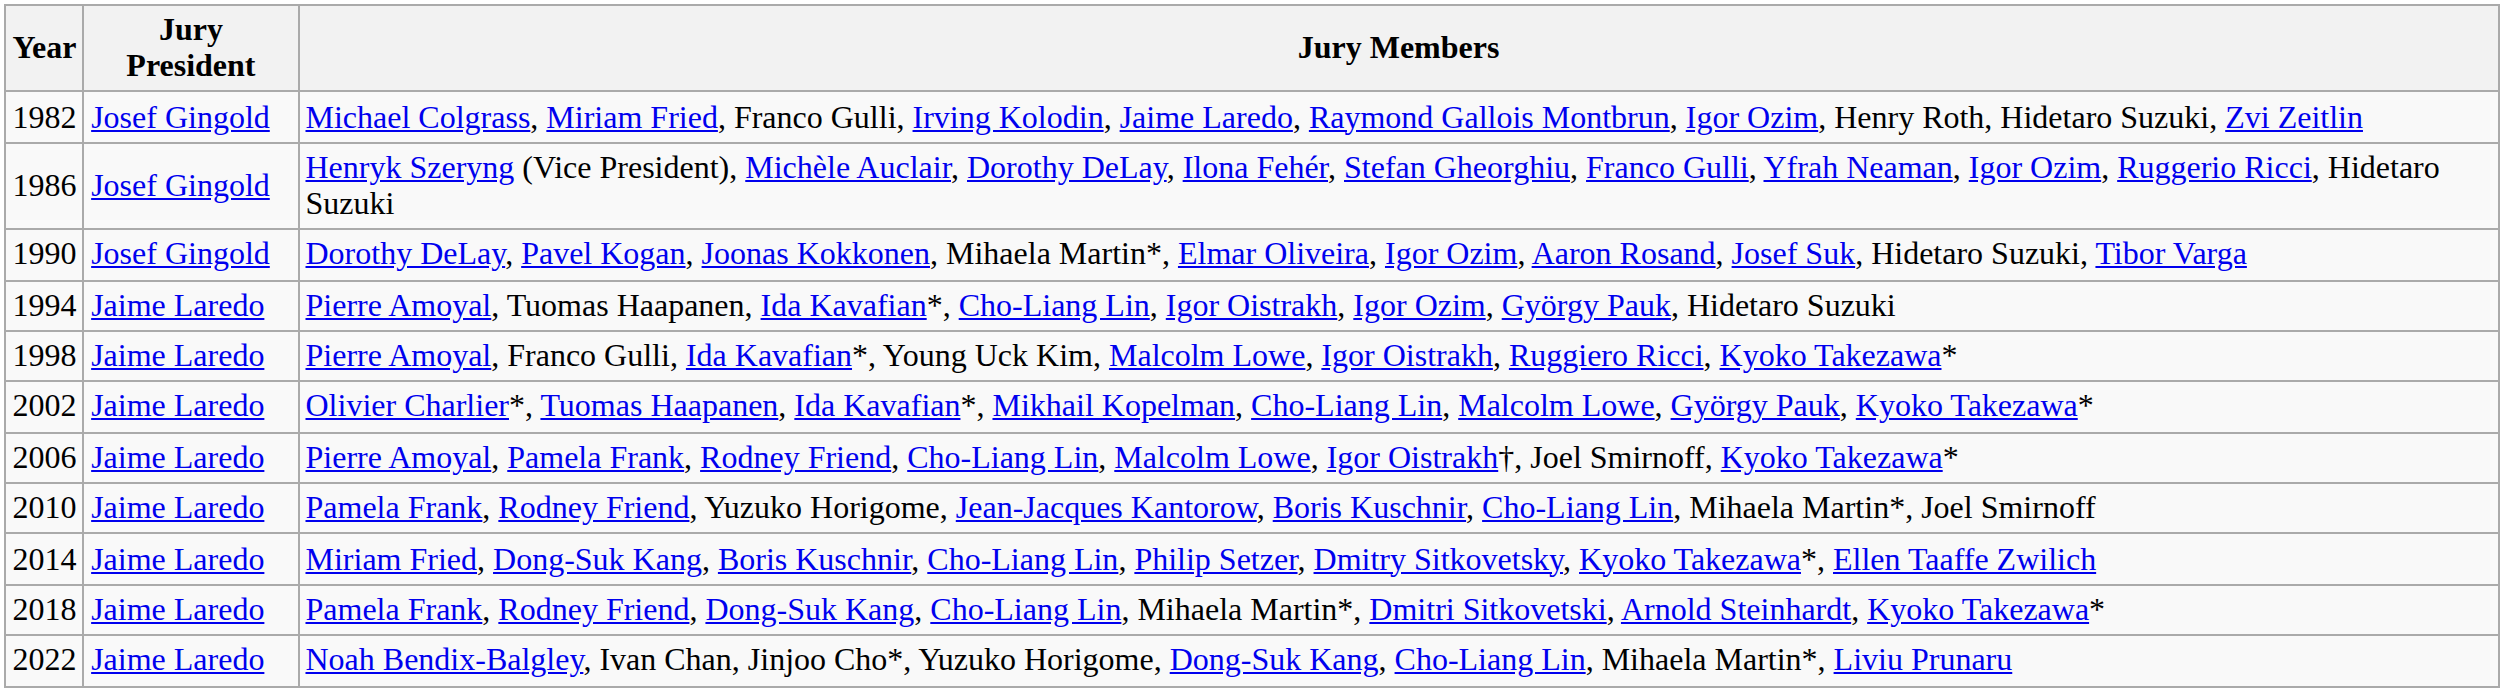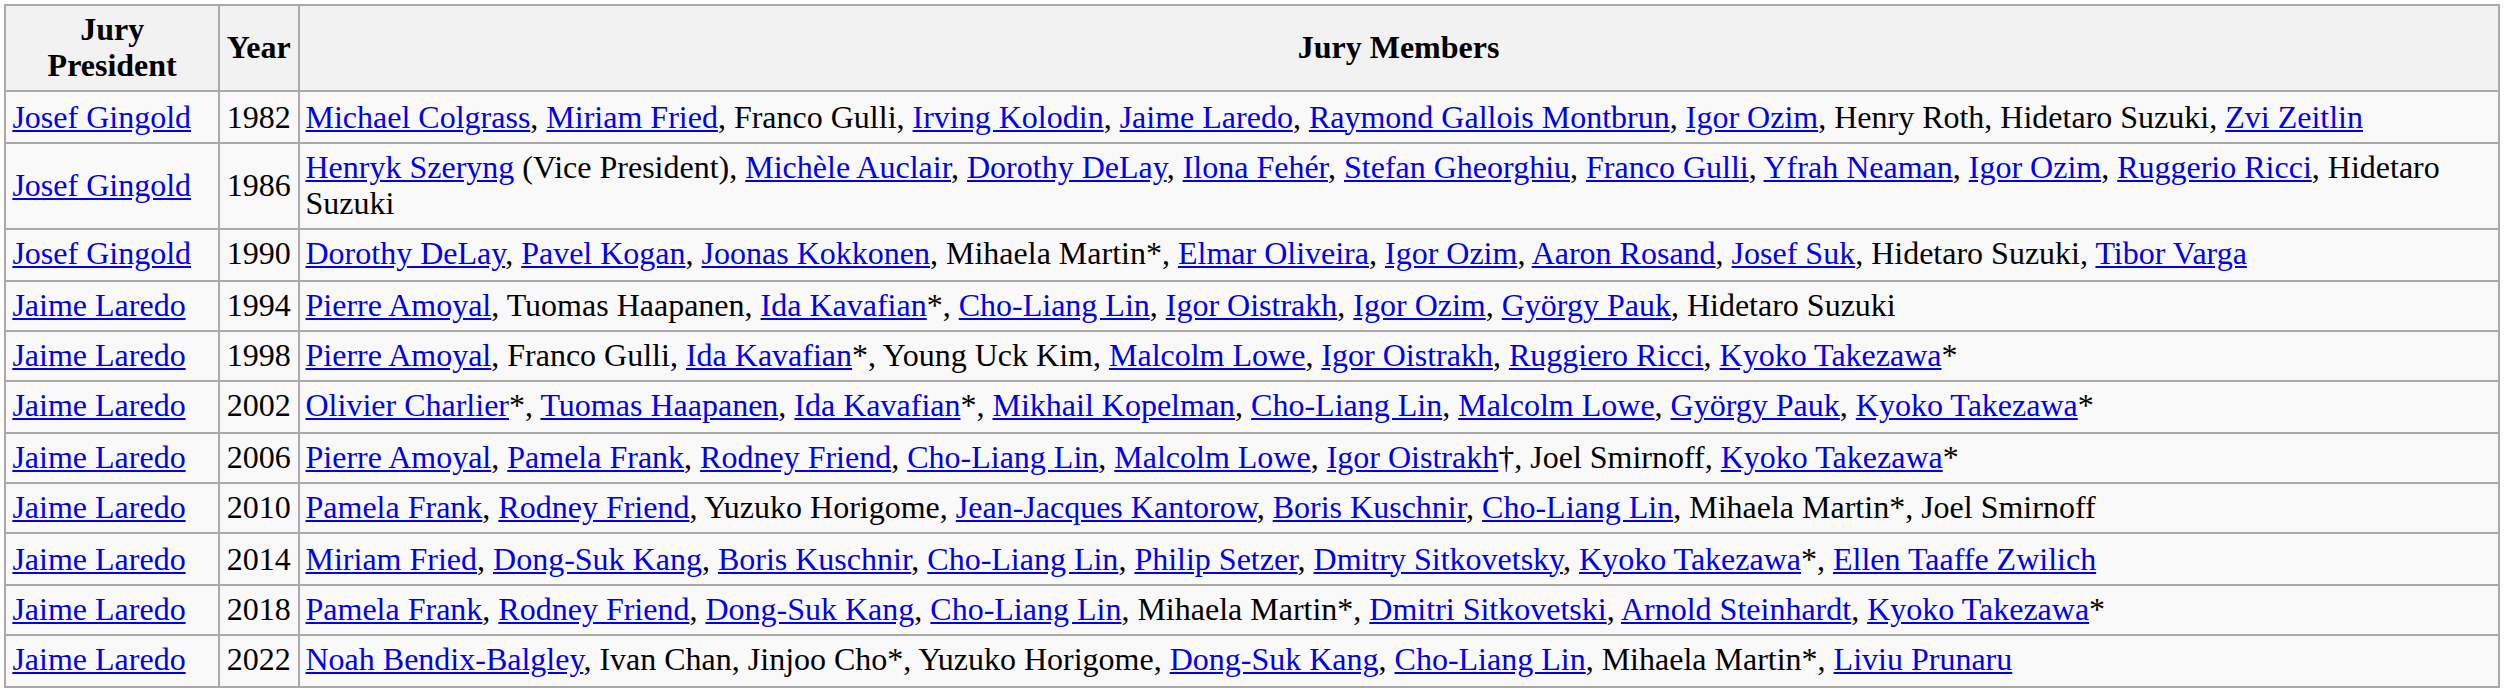 <table class="wikitable">
 <tr>
+<th>Jury President</th>
 <th>Year</th>
-<th>Jury President</th>
 <th>Jury Members</th>
 </tr>
 <tr>
+<td><a href='#'>Josef Gingold</a></td>
 <td>1982</td>
-<td><a href='#'>Josef Gingold</a></td>
 <td><a href='#'>Michael Colgrass</a>, <a href='#'>Miriam Fried</a>, Franco Gulli, <a href='#'>Irving Kolodin</a>, <a href='#'>Jaime Laredo</a>, <a href='#'>Raymond Gallois Montbrun</a>, <a href='#'>Igor Ozim</a>, Henry Roth, Hidetaro Suzuki, <a href='#'>Zvi Zeitlin</a></td>
 </tr>
 <tr>
+<td><a href='#'>Josef Gingold</a></td>
 <td>1986</td>
-<td><a href='#'>Josef Gingold</a></td>
 <td><a href='#'>Henryk Szeryng</a> (Vice President), <a href='#'>Michèle Auclair</a>, <a href='#'>Dorothy DeLay</a>, <a href='#'>Ilona Fehér</a>, <a href='#'>Stefan Gheorghiu</a>, <a href='#'>Franco Gulli</a>, <a href='#'>Yfrah Neaman</a>, <a href='#'>Igor Ozim</a>, <a href='#'>Ruggerio Ricci</a>, Hidetaro Suzuki</td>
 </tr>
 <tr>
+<td><a href='#'>Josef Gingold</a></td>
 <td>1990</td>
-<td><a href='#'>Josef Gingold</a></td>
 <td><a href='#'>Dorothy DeLay</a>, <a href='#'>Pavel Kogan</a>, <a href='#'>Joonas Kokkonen</a>, Mihaela Martin*, <a href='#'>Elmar Oliveira</a>, <a href='#'>Igor Ozim</a>, <a href='#'>Aaron Rosand</a>, <a href='#'>Josef Suk</a>, Hidetaro Suzuki, <a href='#'>Tibor Varga</a></td>
 </tr>
 <tr>
+<td><a href='#'>Jaime Laredo</a></td>
 <td>1994</td>
-<td><a href='#'>Jaime Laredo</a></td>
 <td><a href='#'>Pierre Amoyal</a>, Tuomas Haapanen, <a href='#'>Ida Kavafian</a>*, <a href='#'>Cho-Liang Lin</a>, <a href='#'>Igor Oistrakh</a>, <a href='#'>Igor Ozim</a>, <a href='#'>György Pauk</a>, Hidetaro Suzuki</td>
 </tr>
 <tr>
+<td><a href='#'>Jaime Laredo</a></td>
 <td>1998</td>
-<td><a href='#'>Jaime Laredo</a></td>
 <td><a href='#'>Pierre Amoyal</a>, Franco Gulli, <a href='#'>Ida Kavafian</a>*, Young Uck Kim, <a href='#'>Malcolm Lowe</a>, <a href='#'>Igor Oistrakh</a>, <a href='#'>Ruggiero Ricci</a>, <a href='#'>Kyoko Takezawa</a>*</td>
 </tr>
 <tr>
+<td><a href='#'>Jaime Laredo</a></td>
 <td>2002</td>
-<td><a href='#'>Jaime Laredo</a></td>
 <td><a href='#'>Olivier Charlier</a>*, <a href='#'>Tuomas Haapanen</a>, <a href='#'>Ida Kavafian</a>*, <a href='#'>Mikhail Kopelman</a>, <a href='#'>Cho-Liang Lin</a>, <a href='#'>Malcolm Lowe</a>, <a href='#'>György Pauk</a>, <a href='#'>Kyoko Takezawa</a>*</td>
 </tr>
 <tr>
+<td><a href='#'>Jaime Laredo</a></td>
 <td>2006</td>
-<td><a href='#'>Jaime Laredo</a></td>
 <td><a href='#'>Pierre Amoyal</a>, <a href='#'>Pamela Frank</a>, <a href='#'>Rodney Friend</a>, <a href='#'>Cho-Liang Lin</a>, <a href='#'>Malcolm Lowe</a>, <a href='#'>Igor Oistrakh</a>†, Joel Smirnoff, <a href='#'>Kyoko Takezawa</a>*</td>
 </tr>
 <tr>
+<td><a href='#'>Jaime Laredo</a></td>
 <td>2010</td>
-<td><a href='#'>Jaime Laredo</a></td>
 <td><a href='#'>Pamela Frank</a>, <a href='#'>Rodney Friend</a>, Yuzuko Horigome, <a href='#'>Jean-Jacques Kantorow</a>, <a href='#'>Boris Kuschnir</a>, <a href='#'>Cho-Liang Lin</a>, Mihaela Martin*, Joel Smirnoff</td>
 </tr>
 <tr>
+<td><a href='#'>Jaime Laredo</a></td>
 <td>2014</td>
-<td><a href='#'>Jaime Laredo</a></td>
 <td><a href='#'>Miriam Fried</a>, <a href='#'>Dong-Suk Kang</a>, <a href='#'>Boris Kuschnir</a>, <a href='#'>Cho-Liang Lin</a>, <a href='#'>Philip Setzer</a>, <a href='#'>Dmitry Sitkovetsky</a>, <a href='#'>Kyoko Takezawa</a>*, <a href='#'>Ellen Taaffe Zwilich</a></td>
 </tr>
 <tr>
+<td><a href='#'>Jaime Laredo</a></td>
 <td>2018</td>
-<td><a href='#'>Jaime Laredo</a></td>
 <td><a href='#'>Pamela Frank</a>, <a href='#'>Rodney Friend</a>, <a href='#'>Dong-Suk Kang</a>, <a href='#'>Cho-Liang Lin</a>, Mihaela Martin*, <a href='#'>Dmitri Sitkovetski</a>, <a href='#'>Arnold Steinhardt</a>, <a href='#'>Kyoko Takezawa</a>*</td>
 </tr>
 <tr>
+<td><a href='#'>Jaime Laredo</a></td>
 <td>2022</td>
-<td><a href='#'>Jaime Laredo</a></td>
 <td><a href='#'>Noah Bendix-Balgley</a>, Ivan Chan, Jinjoo Cho*, Yuzuko Horigome, <a href='#'>Dong-Suk Kang</a>, <a href='#'>Cho-Liang Lin</a>, Mihaela Martin*, <a href='#'>Liviu Prunaru</a></td>
 </tr>
 </table>
